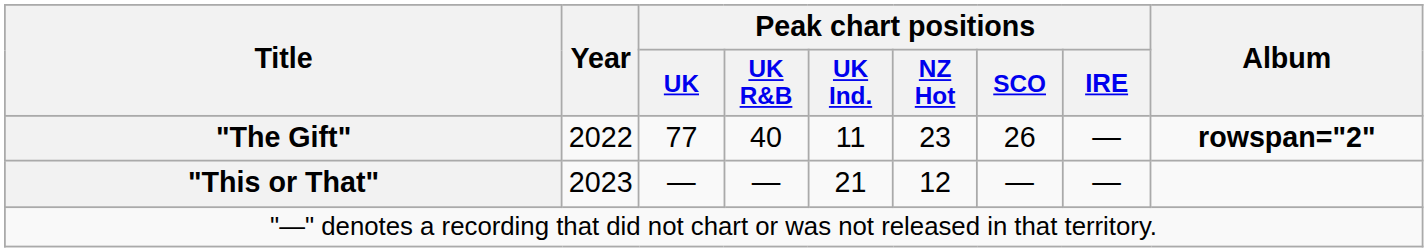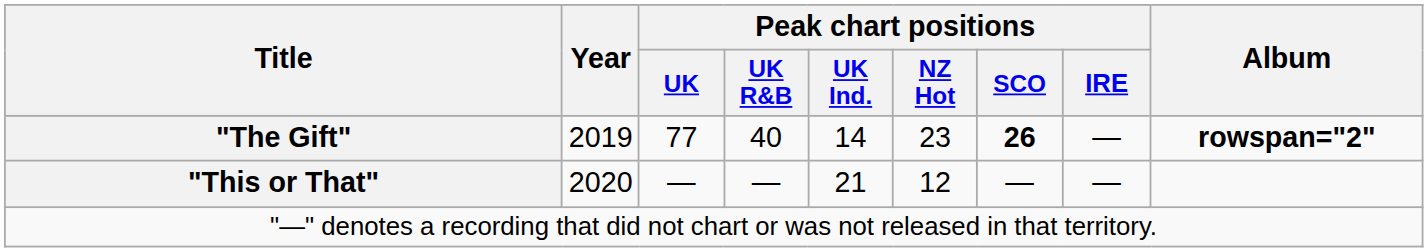 <table class="wikitable plainrowheaders" style="text-align:center;">
 <tr>
 <th scope="col" rowspan="2" style="width:19em;">Title</th>
 <th scope="col" rowspan="2" style="width:1em;">Year</th>
 <th scope="col" colspan="6">Peak chart positions</th>
 <th scope="col" rowspan="2" style="width:9em;">Album</th>
 </tr>
 <tr>
 <th scope="col" style="width:3em; font-size:85%;"><a href='#'>UK</a><br></th>
 <th scope="col" style="width:3em; font-size:85%;"><a href='#'>UK<br>R&B</a><br></th>
 <th scope="col" style="width:3em; font-size:85%;"><a href='#'>UK<br>Ind.</a><br></th>
 <th scope="col" style="width:3em; font-size:85%;"><a href='#'>NZ<br>Hot</a><br></th>
 <th scope="col" style="width:3em; font-size:85%;"><a href='#'>SCO</a><br></th>
 <th scope="col" style="width:3em;font-size:90%;"><a href='#'>IRE</a></th>
 </tr>
 <tr>
 <th scope="row">"The Gift"<br></th>
-<td>2022</td>
+<td>2019</td>
 <td>77</td>
 <td>40</td>
-<td>11</td>
+<td>14</td>
 <td>23</td>
-<td>26</td>
+<td><strong>26</strong></td>
 <td>—</td>
 <td><strong>rowspan="2" </strong></td>
 </tr>
 <tr>
 <th scope="row">"This or That"<br></th>
-<td>2023</td>
+<td>2020</td>
 <td>—</td>
 <td>—</td>
 <td>21</td>
 <td>12</td>
 <td>—</td>
 <td>—</td>
 </tr>
 <tr>
 <td colspan="10" style="font-size:90%">"—" denotes a recording that did not chart or was not released in that territory.</td>
 </tr>
 </table>
